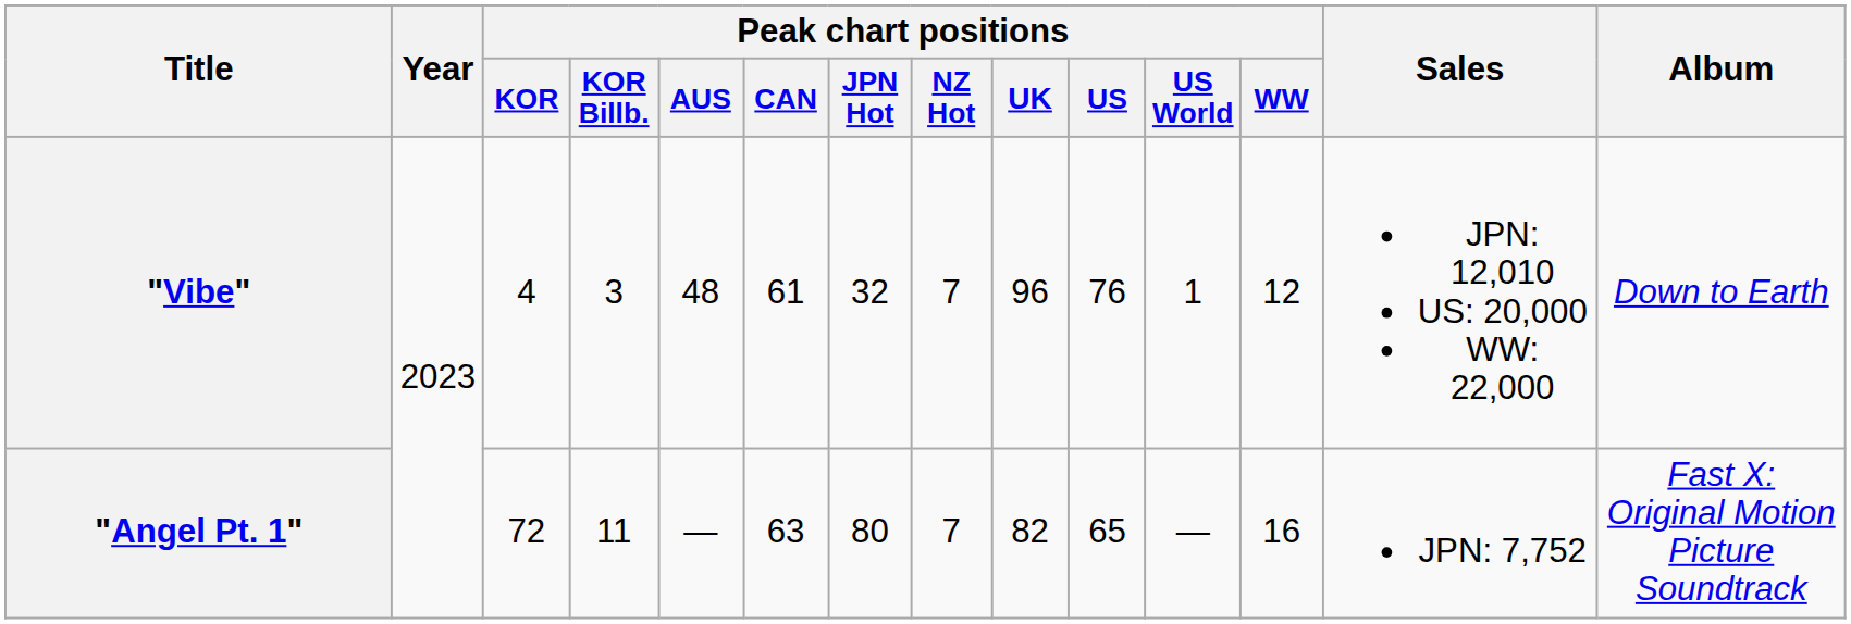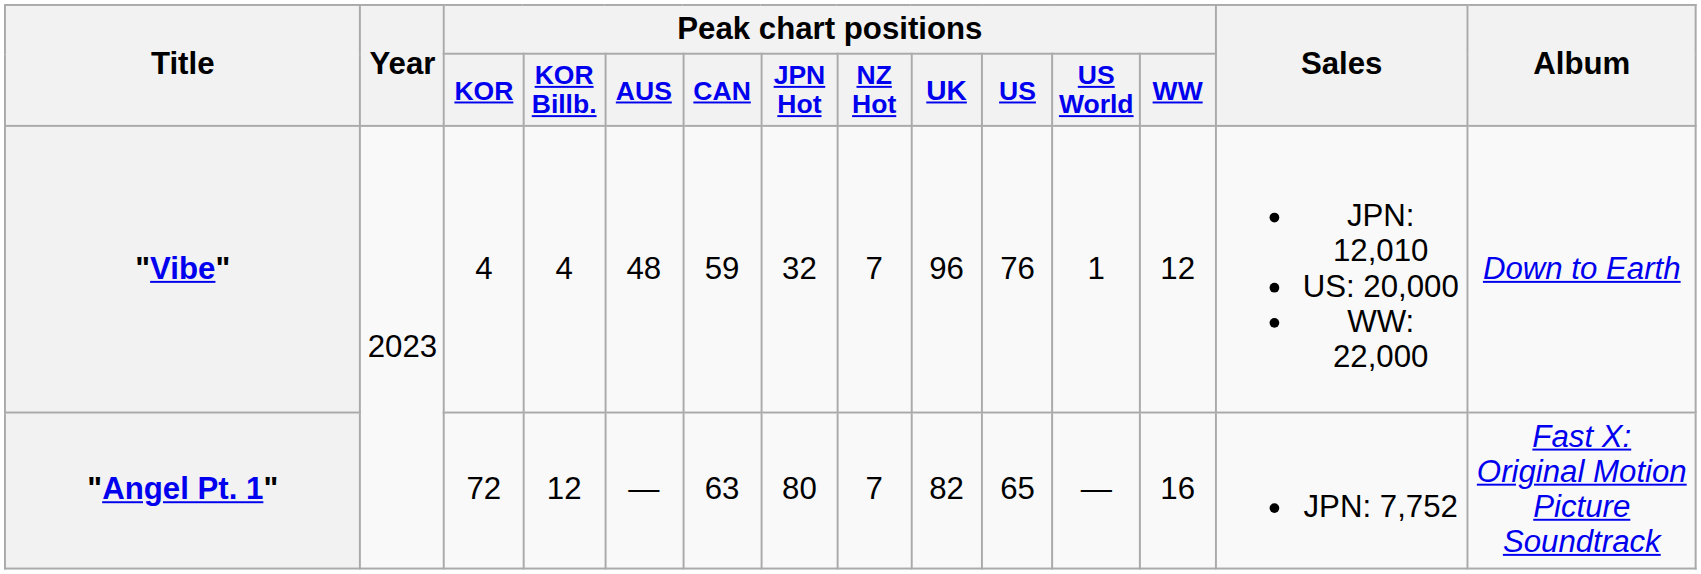 <table class="wikitable plainrowheaders" style="text-align:center;">
 <tr>
 <th rowspan="2" style="width:16em;">Title</th>
 <th rowspan="2">Year</th>
 <th colspan="10">Peak chart positions</th>
 <th rowspan="2" style="width:9em;">Sales</th>
 <th rowspan="2" style="width:8em;">Album</th>
 </tr>
 <tr>
 <th scope="col" style="width:2.7em;font-size:85%;"><a href='#'>KOR</a><br></th>
 <th scope="col" style="width:2.7em;font-size:85%;"><a href='#'>KOR<br>Billb.</a><br></th>
 <th scope="col" style="width:2.7em;font-size:85%;"><a href='#'>AUS</a><br></th>
 <th scope="col" style="width:2.7em;font-size:85%;"><a href='#'>CAN</a><br></th>
 <th scope="col" style="width:2.7em;font-size:85%;"><a href='#'>JPN<br>Hot</a><br></th>
 <th scope="col" style="width:2.7em;font-size:85%;"><a href='#'>NZ<br>Hot</a><br></th>
 <th scope="col" style="width:2.5em;font-size:90%;"><a href='#'>UK</a><br></th>
 <th scope="col" style="width:2.7em;font-size:85%;"><a href='#'>US</a><br></th>
 <th scope="col" style="width:2.7em;font-size:85%;"><a href='#'>US<br>World</a><br></th>
 <th scope="col" style="width:2.7em;font-size:85%;"><a href='#'>WW</a><br></th>
 </tr>
 <tr>
 <th scope="row">"<a href='#'>Vibe</a>"<br></th>
 <td rowspan="2">2023</td>
 <td>4</td>
-<td>3</td>
+<td>4</td>
 <td>48</td>
-<td>61</td>
+<td>59</td>
 <td>32</td>
 <td>7</td>
 <td>96</td>
 <td>76</td>
 <td>1</td>
 <td>12</td>
 <td><br><ul><li>JPN: 12,010</li><li>US: 20,000</li><li>WW: 22,000</li></ul></td>
 <td><em><a href='#'>Down to Earth</a></em></td>
 </tr>
 <tr>
 <th scope="row">"<a href='#'>Angel Pt. 1</a>"<br></th>
 <td>72</td>
-<td>11</td>
+<td>12</td>
 <td>—</td>
 <td>63</td>
 <td>80</td>
 <td>7</td>
 <td>82</td>
 <td>65</td>
 <td>—</td>
 <td>16</td>
 <td><br><ul><li>JPN: 7,752</li></ul></td>
 <td><em><a href='#'>Fast X: Original Motion Picture Soundtrack</a></em></td>
 </tr>
 </table>
